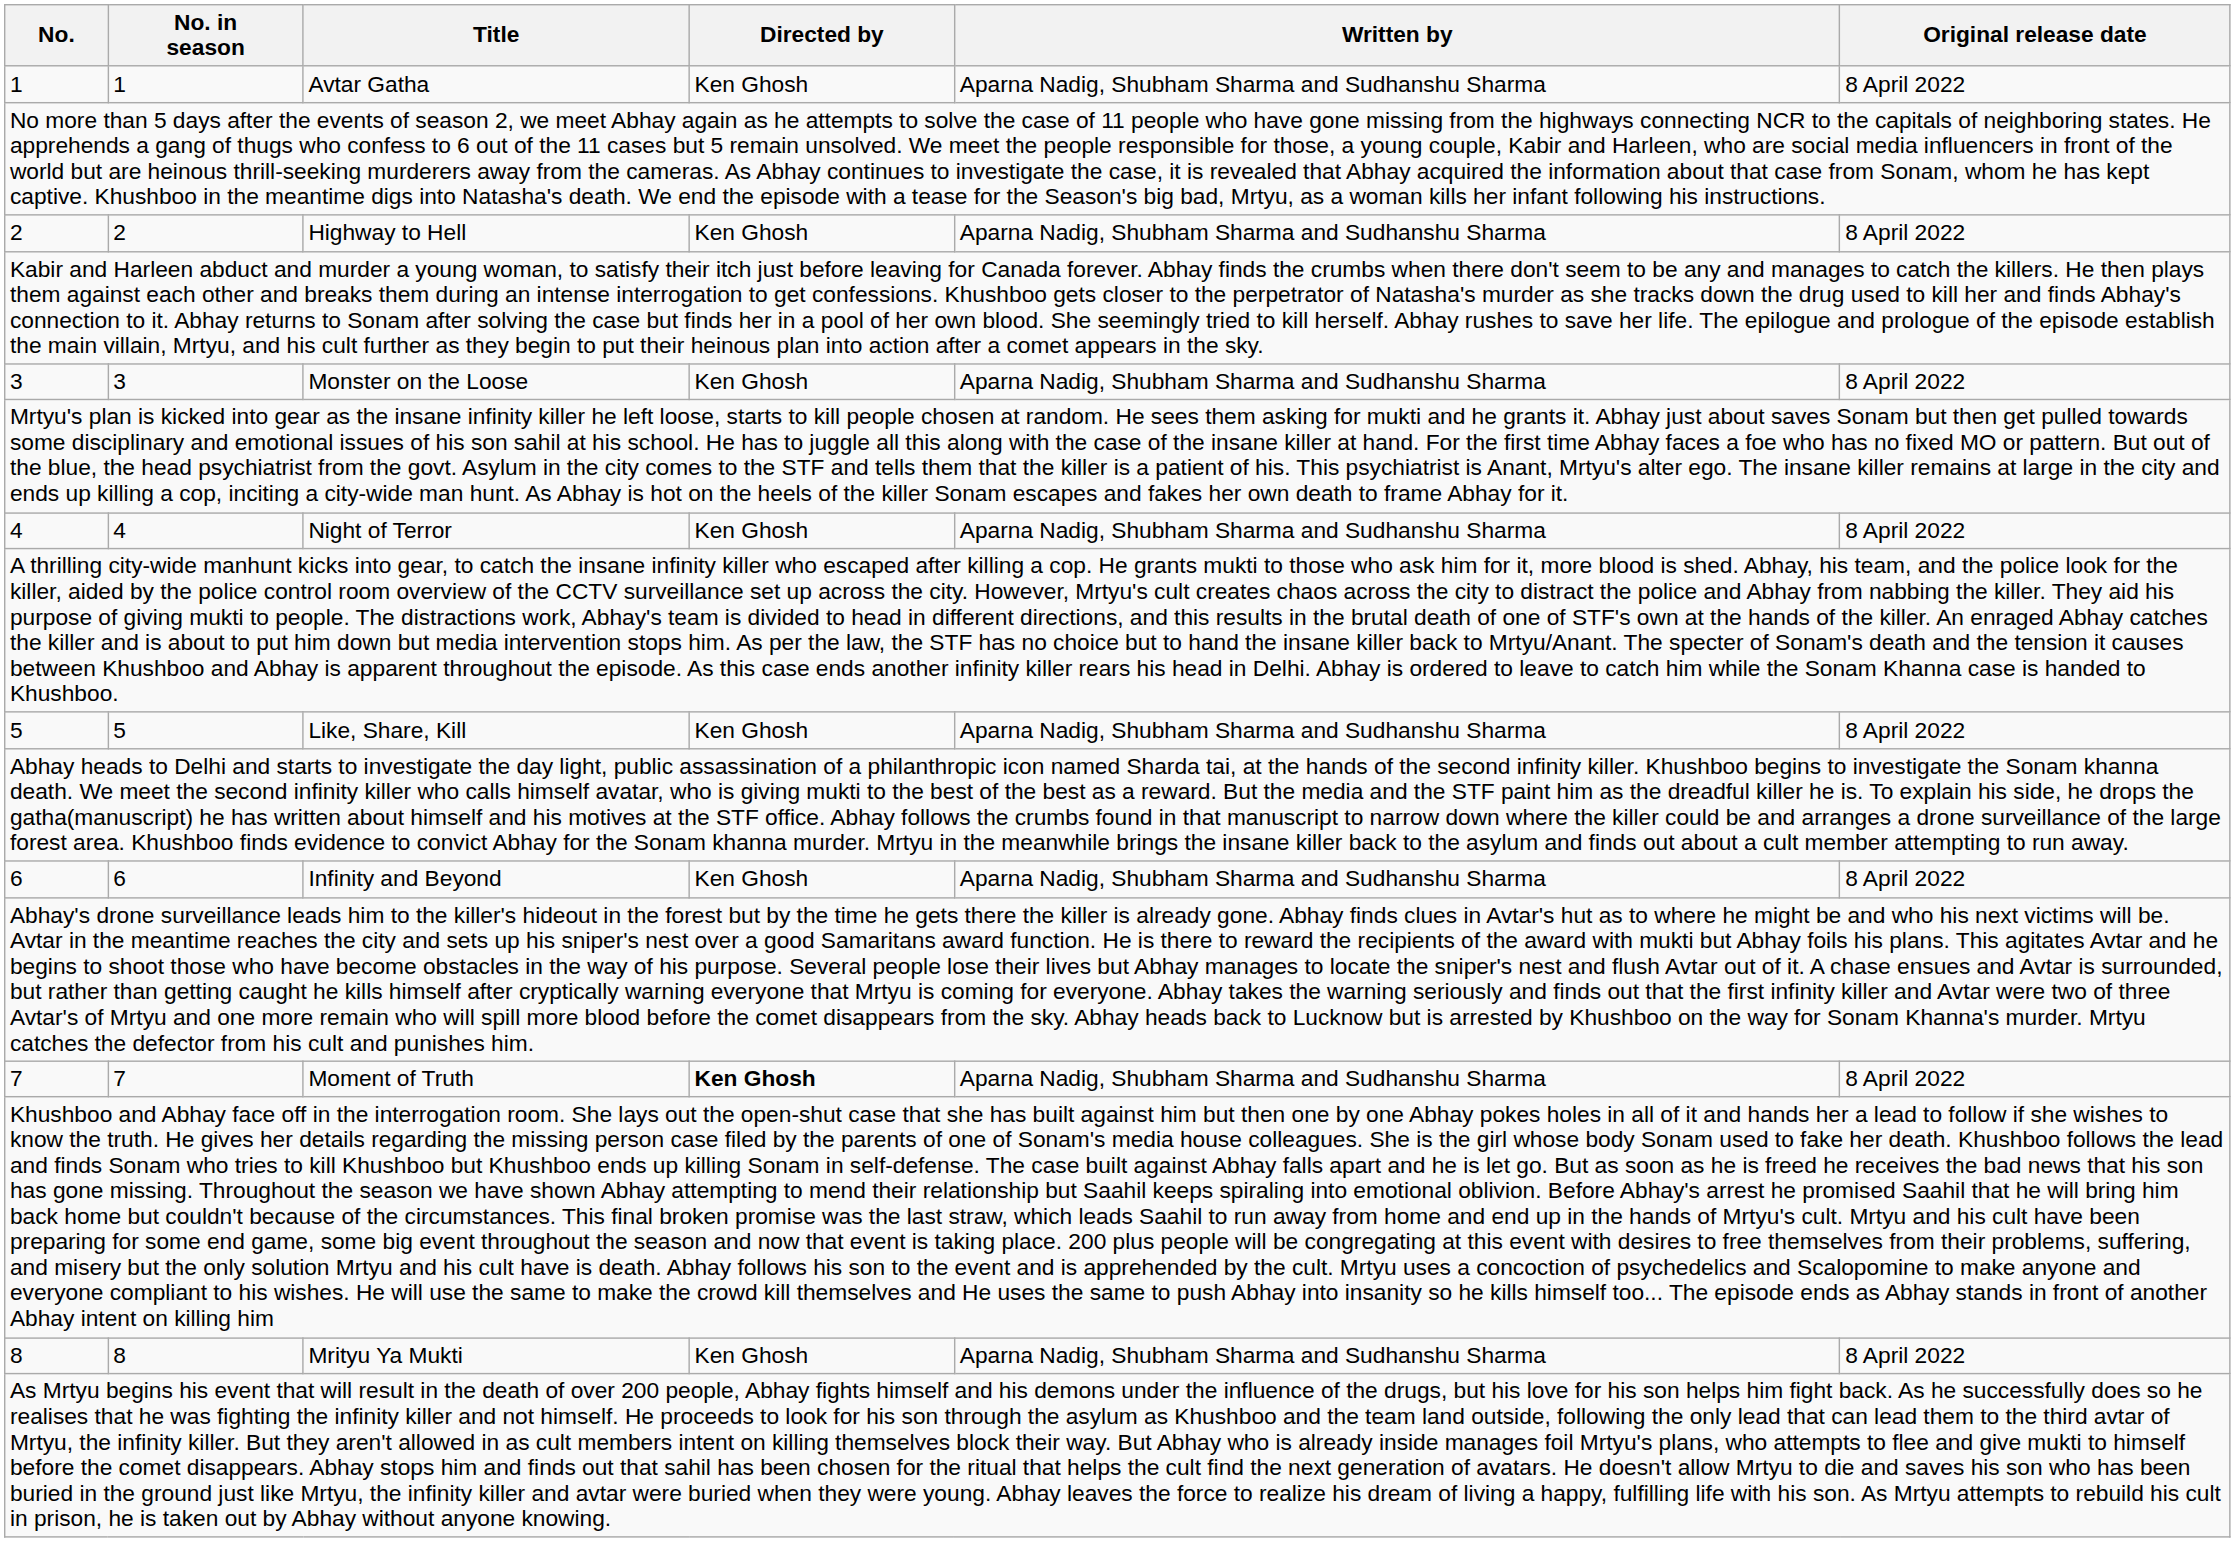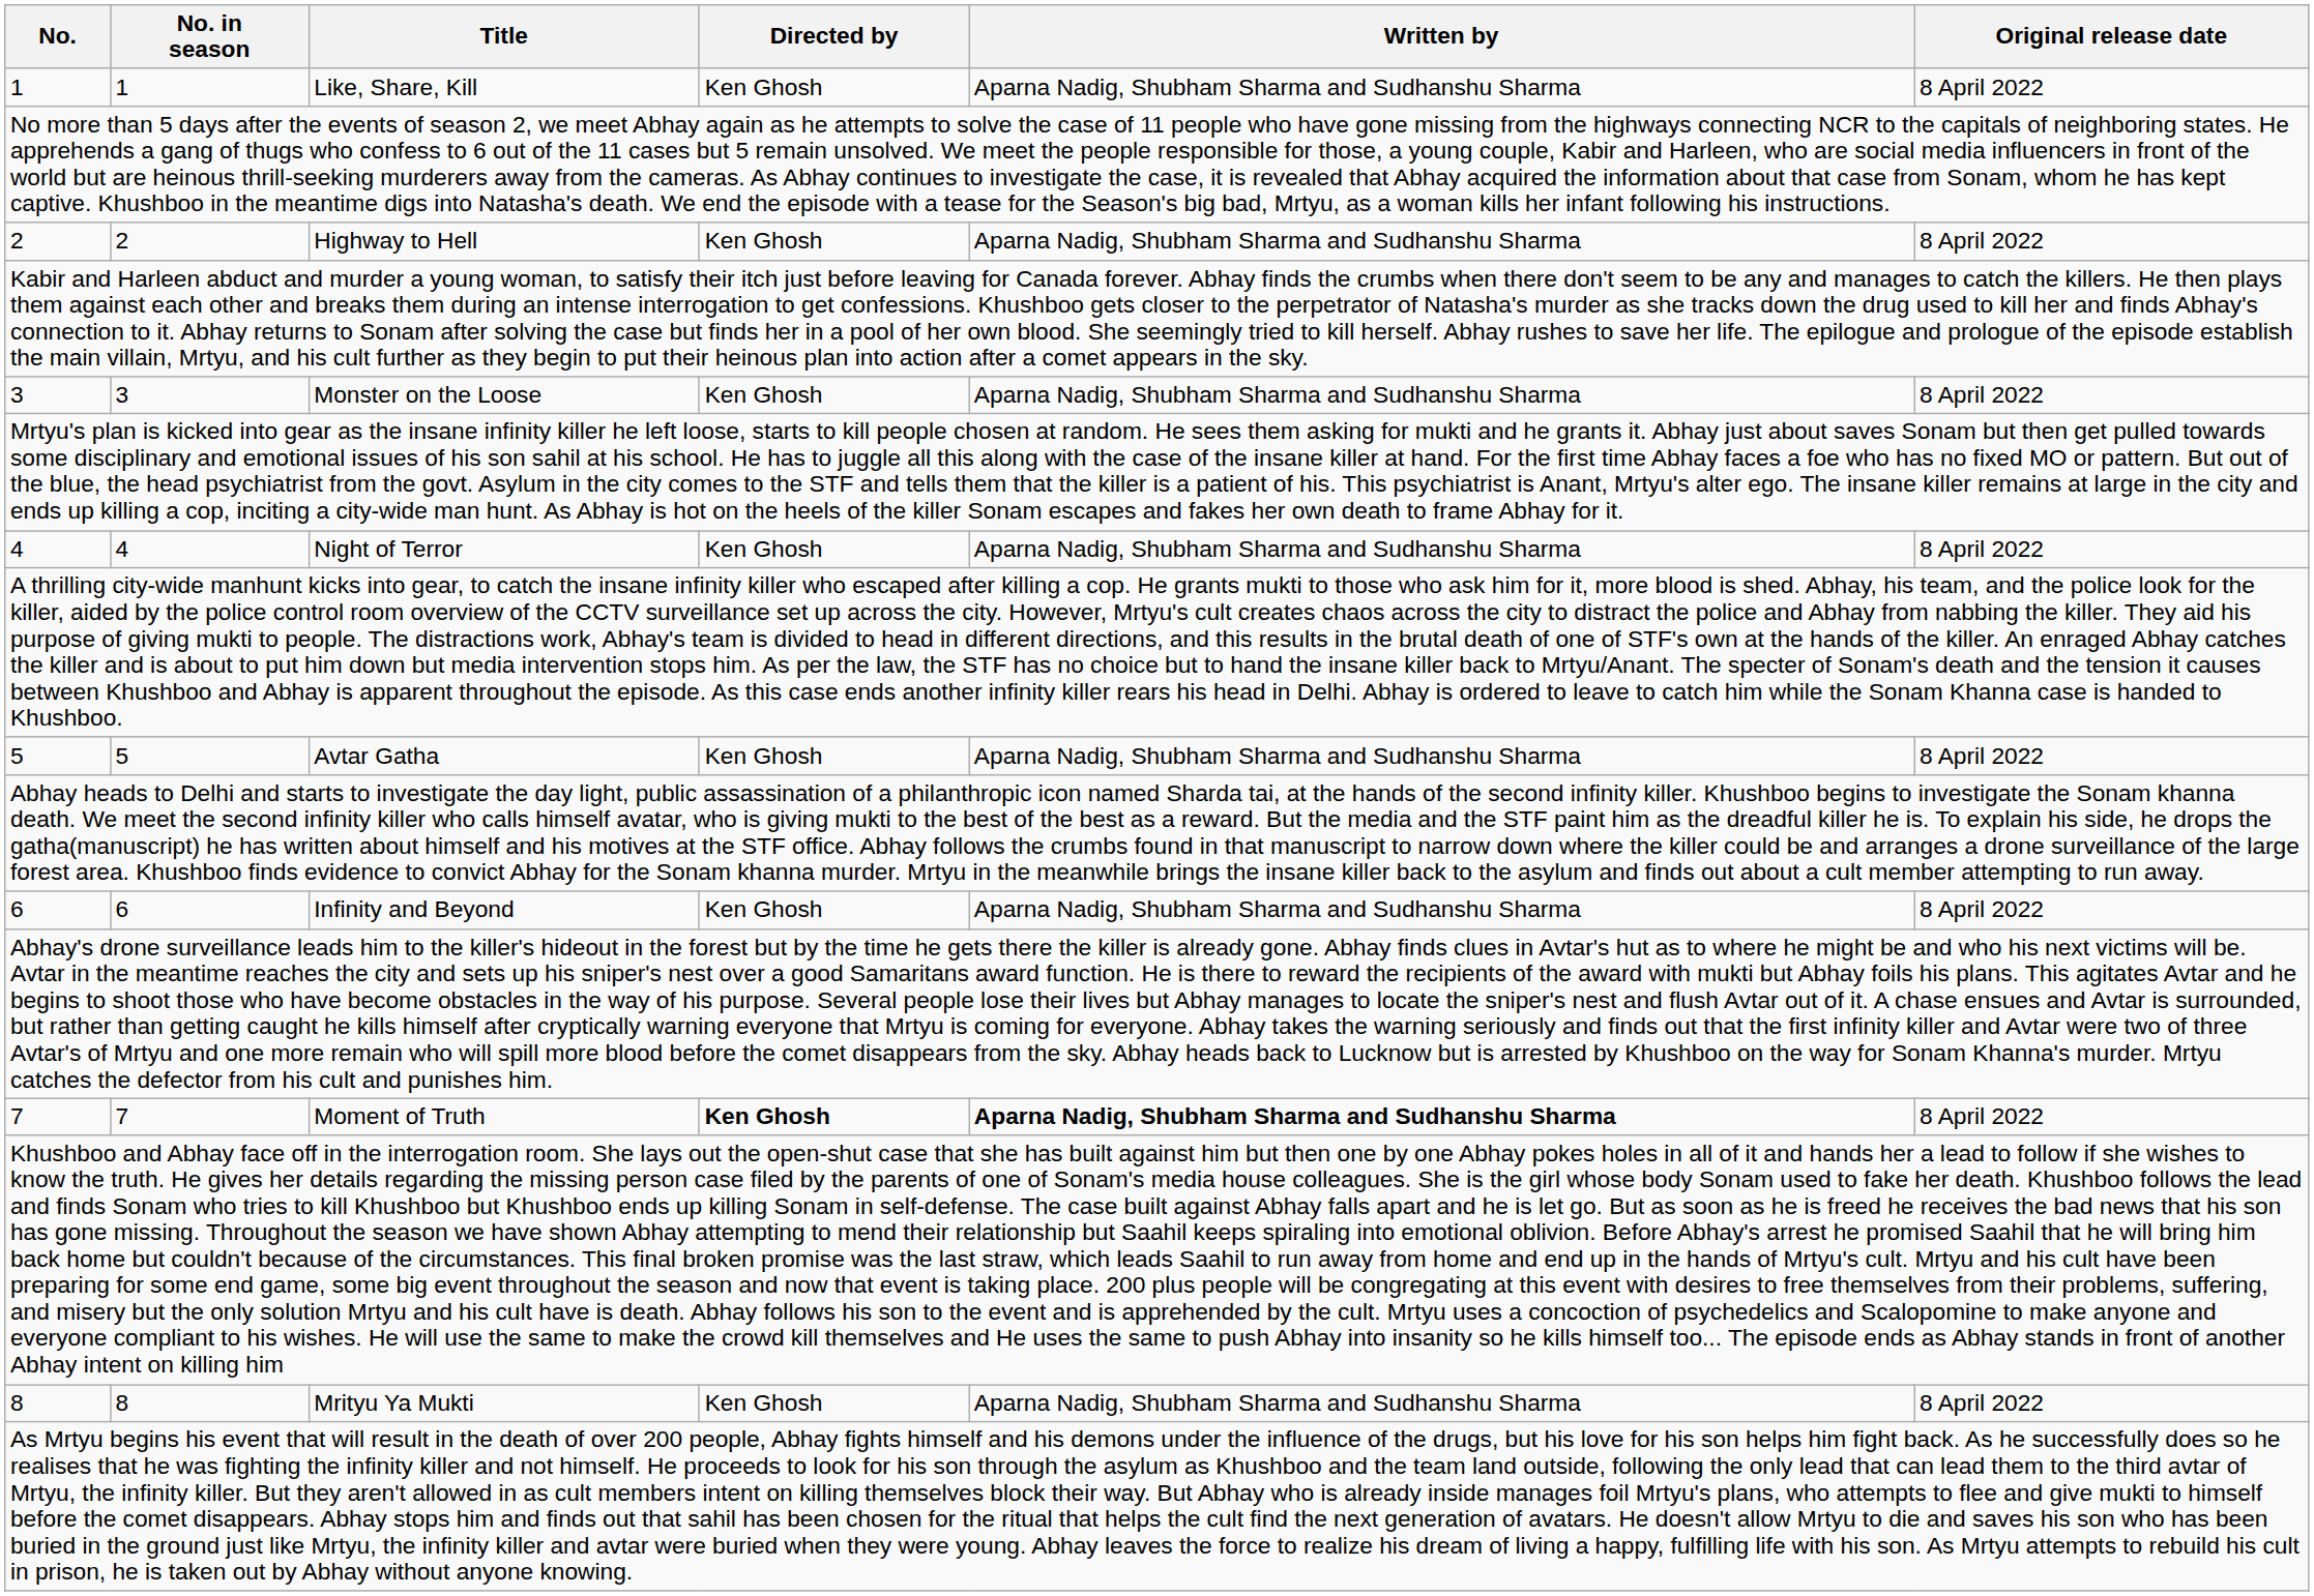 <table class="wikitable">
 <tr>
 <th>No.</th>
 <th><abbr>No.</abbr> in<br>season</th>
 <th>Title</th>
 <th>Directed by</th>
 <th>Written by</th>
 <th>Original release date</th>
 </tr>
 <tr>
 <td>1</td>
 <td>1</td>
-<td>Avtar Gatha</td>
+<td>Like, Share, Kill</td>
 <td>Ken Ghosh</td>
 <td>Aparna Nadig, Shubham Sharma and Sudhanshu Sharma</td>
 <td>8 April 2022</td>
 </tr>
 <tr>
 <td colspan="6">No more than 5 days after the events of season 2, we meet Abhay again as he attempts to solve the case of 11 people who have gone missing from the highways connecting NCR to the capitals of neighboring states. He apprehends a gang of thugs who confess to 6 out of the 11 cases but 5 remain unsolved. We meet the people responsible for those, a young couple, Kabir and Harleen, who are social media influencers in front of the world but are heinous thrill-seeking murderers away from the cameras. As Abhay continues to investigate the case, it is revealed that Abhay acquired the information about that case from Sonam, whom he has kept captive. Khushboo in the meantime digs into Natasha's death. We end the episode with a tease for the Season's big bad, Mrtyu, as a woman kills her infant following his instructions.</td>
 </tr>
 <tr>
 <td>2</td>
 <td>2</td>
 <td>Highway to Hell</td>
 <td>Ken Ghosh</td>
 <td>Aparna Nadig, Shubham Sharma and Sudhanshu Sharma</td>
 <td>8 April 2022</td>
 </tr>
 <tr>
 <td colspan="6">Kabir and Harleen abduct and murder a young woman, to satisfy their itch just before leaving for Canada forever. Abhay finds the crumbs when there don't seem to be any and manages to catch the killers. He then plays them against each other and breaks them during an intense interrogation to get confessions. Khushboo gets closer to the perpetrator of Natasha's murder as she tracks down the drug used to kill her and finds Abhay's connection to it. Abhay returns to Sonam after solving the case but finds her in a pool of her own blood. She seemingly tried to kill herself. Abhay rushes to save her life. The epilogue and prologue of the episode establish the main villain, Mrtyu, and his cult further as they begin to put their heinous plan into action after a comet appears in the sky.</td>
 </tr>
 <tr>
 <td>3</td>
 <td>3</td>
 <td>Monster on the Loose</td>
 <td>Ken Ghosh</td>
 <td>Aparna Nadig, Shubham Sharma and Sudhanshu Sharma</td>
 <td>8 April 2022</td>
 </tr>
 <tr>
 <td colspan="6">Mrtyu's plan is kicked into gear as the insane infinity killer he left loose, starts to kill people chosen at random. He sees them asking for mukti and he grants it. Abhay just about saves Sonam but then get pulled towards some disciplinary and emotional issues of his son sahil at his school. He has to juggle all this along with the case of the insane killer at hand. For the first time Abhay faces a foe who has no fixed MO or pattern. But out of the blue, the head psychiatrist from the govt. Asylum in the city comes to the STF and tells them that the killer is a patient of his. This psychiatrist is Anant, Mrtyu's alter ego. The insane killer remains at large in the city and ends up killing a cop, inciting a city-wide man hunt. As Abhay is hot on the heels of the killer Sonam escapes and fakes her own death to frame Abhay for it.</td>
 </tr>
 <tr>
 <td>4</td>
 <td>4</td>
 <td>Night of Terror</td>
 <td>Ken Ghosh</td>
 <td>Aparna Nadig, Shubham Sharma and Sudhanshu Sharma</td>
 <td>8 April 2022</td>
 </tr>
 <tr>
 <td colspan="6">A thrilling city-wide manhunt kicks into gear, to catch the insane infinity killer who escaped after killing a cop. He grants mukti to those who ask him for it, more blood is shed. Abhay, his team, and the police look for the killer, aided by the police control room overview of the CCTV surveillance set up across the city. However, Mrtyu's cult creates chaos across the city to distract the police and Abhay from nabbing the killer. They aid his purpose of giving mukti to people. The distractions work, Abhay's team is divided to head in different directions, and this results in the brutal death of one of STF's own at the hands of the killer. An enraged Abhay catches the killer and is about to put him down but media intervention stops him. As per the law, the STF has no choice but to hand the insane killer back to Mrtyu/Anant. The specter of Sonam's death and the tension it causes between Khushboo and Abhay is apparent throughout the episode. As this case ends another infinity killer rears his head in Delhi. Abhay is ordered to leave to catch him while the Sonam Khanna case is handed to Khushboo.</td>
 </tr>
 <tr>
 <td>5</td>
 <td>5</td>
-<td>Like, Share, Kill</td>
+<td>Avtar Gatha</td>
 <td>Ken Ghosh</td>
 <td>Aparna Nadig, Shubham Sharma and Sudhanshu Sharma</td>
 <td>8 April 2022</td>
 </tr>
 <tr>
 <td colspan="6">Abhay heads to Delhi and starts to investigate the day light, public assassination of a philanthropic icon named Sharda tai, at the hands of the second infinity killer. Khushboo begins to investigate the Sonam khanna death. We meet the second infinity killer who calls himself avatar, who is giving mukti to the best of the best as a reward. But the media and the STF paint him as the dreadful killer he is. To explain his side, he drops the gatha(manuscript) he has written about himself and his motives at the STF office. Abhay follows the crumbs found in that manuscript to narrow down where the killer could be and arranges a drone surveillance of the large forest area. Khushboo finds evidence to convict Abhay for the Sonam khanna murder. Mrtyu in the meanwhile brings the insane killer back to the asylum and finds out about a cult member attempting to run away.</td>
 </tr>
 <tr>
 <td>6</td>
 <td>6</td>
 <td>Infinity and Beyond</td>
 <td>Ken Ghosh</td>
 <td>Aparna Nadig, Shubham Sharma and Sudhanshu Sharma</td>
 <td>8 April 2022</td>
 </tr>
 <tr>
 <td colspan="6">Abhay's drone surveillance leads him to the killer's hideout in the forest but by the time he gets there the killer is already gone. Abhay finds clues in Avtar's hut as to where he might be and who his next victims will be. Avtar in the meantime reaches the city and sets up his sniper's nest over a good Samaritans award function. He is there to reward the recipients of the award with mukti but Abhay foils his plans. This agitates Avtar and he begins to shoot those who have become obstacles in the way of his purpose. Several people lose their lives but Abhay manages to locate the sniper's nest and flush Avtar out of it. A chase ensues and Avtar is surrounded, but rather than getting caught he kills himself after cryptically warning everyone that Mrtyu is coming for everyone. Abhay takes the warning seriously and finds out that the first infinity killer and Avtar were two of three Avtar's of Mrtyu and one more remain who will spill more blood before the comet disappears from the sky. Abhay heads back to Lucknow but is arrested by Khushboo on the way for Sonam Khanna's murder. Mrtyu catches the defector from his cult and punishes him.</td>
 </tr>
 <tr>
 <td>7</td>
 <td>7</td>
 <td>Moment of Truth</td>
 <td><strong>Ken Ghosh</strong></td>
-<td>Aparna Nadig, Shubham Sharma and Sudhanshu Sharma</td>
+<td><strong>Aparna Nadig, Shubham Sharma and Sudhanshu Sharma</strong></td>
 <td>8 April 2022</td>
 </tr>
 <tr>
 <td colspan="6">Khushboo and Abhay face off in the interrogation room. She lays out the open-shut case that she has built against him but then one by one Abhay pokes holes in all of it and hands her a lead to follow if she wishes to know the truth. He gives her details regarding the missing person case filed by the parents of one of Sonam's media house colleagues. She is the girl whose body Sonam used to fake her death. Khushboo follows the lead and finds Sonam who tries to kill Khushboo but Khushboo ends up killing Sonam in self-defense. The case built against Abhay falls apart and he is let go. But as soon as he is freed he receives the bad news that his son has gone missing. Throughout the season we have shown Abhay attempting to mend their relationship but Saahil keeps spiraling into emotional oblivion. Before Abhay's arrest he promised Saahil that he will bring him back home but couldn't because of the circumstances. This final broken promise was the last straw, which leads Saahil to run away from home and end up in the hands of Mrtyu's cult. Mrtyu and his cult have been preparing for some end game, some big event throughout the season and now that event is taking place. 200 plus people will be congregating at this event with desires to free themselves from their problems, suffering, and misery but the only solution Mrtyu and his cult have is death. Abhay follows his son to the event and is apprehended by the cult. Mrtyu uses a concoction of psychedelics and Scalopomine to make anyone and everyone compliant to his wishes. He will use the same to make the crowd kill themselves and He uses the same to push Abhay into insanity so he kills himself too... The episode ends as Abhay stands in front of another Abhay intent on killing him</td>
 </tr>
 <tr>
 <td>8</td>
 <td>8</td>
 <td>Mrityu Ya Mukti</td>
 <td>Ken Ghosh</td>
 <td>Aparna Nadig, Shubham Sharma and Sudhanshu Sharma</td>
 <td>8 April 2022</td>
 </tr>
 <tr>
 <td colspan="6">As Mrtyu begins his event that will result in the death of over 200 people, Abhay fights himself and his demons under the influence of the drugs, but his love for his son helps him fight back. As he successfully does so he realises that he was fighting the infinity killer and not himself. He proceeds to look for his son through the asylum as Khushboo and the team land outside, following the only lead that can lead them to the third avtar of Mrtyu, the infinity killer. But they aren't allowed in as cult members intent on killing themselves block their way. But Abhay who is already inside manages foil Mrtyu's plans, who attempts to flee and give mukti to himself before the comet disappears. Abhay stops him and finds out that sahil has been chosen for the ritual that helps the cult find the next generation of avatars. He doesn't allow Mrtyu to die and saves his son who has been buried in the ground just like Mrtyu, the infinity killer and avtar were buried when they were young. Abhay leaves the force to realize his dream of living a happy, fulfilling life with his son. As Mrtyu attempts to rebuild his cult in prison, he is taken out by Abhay without anyone knowing.</td>
 </tr>
 </table>
